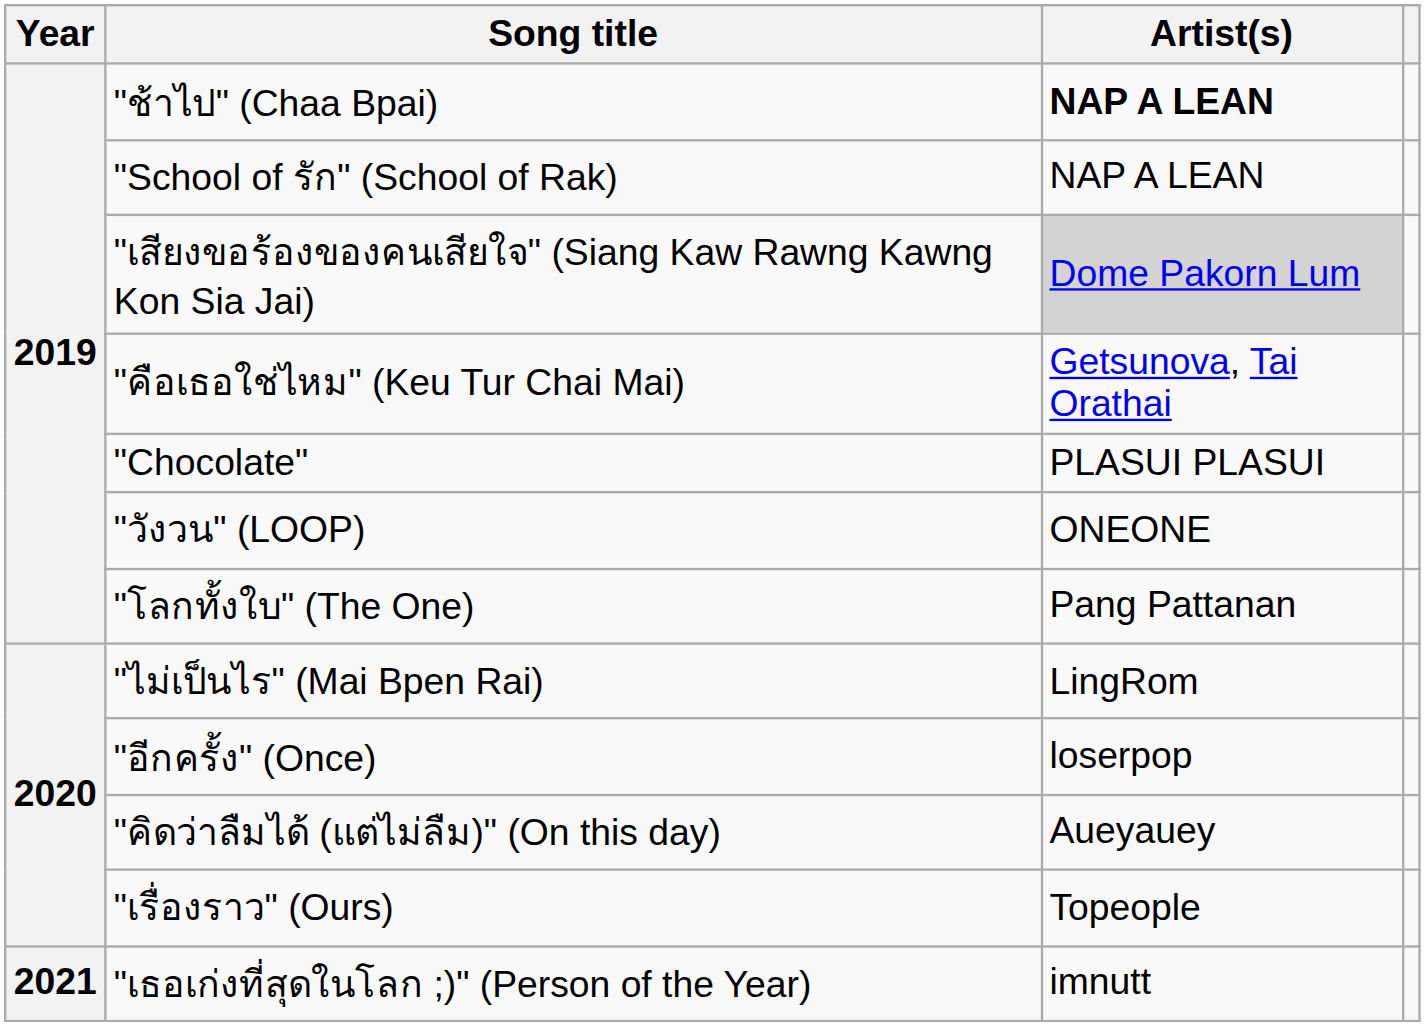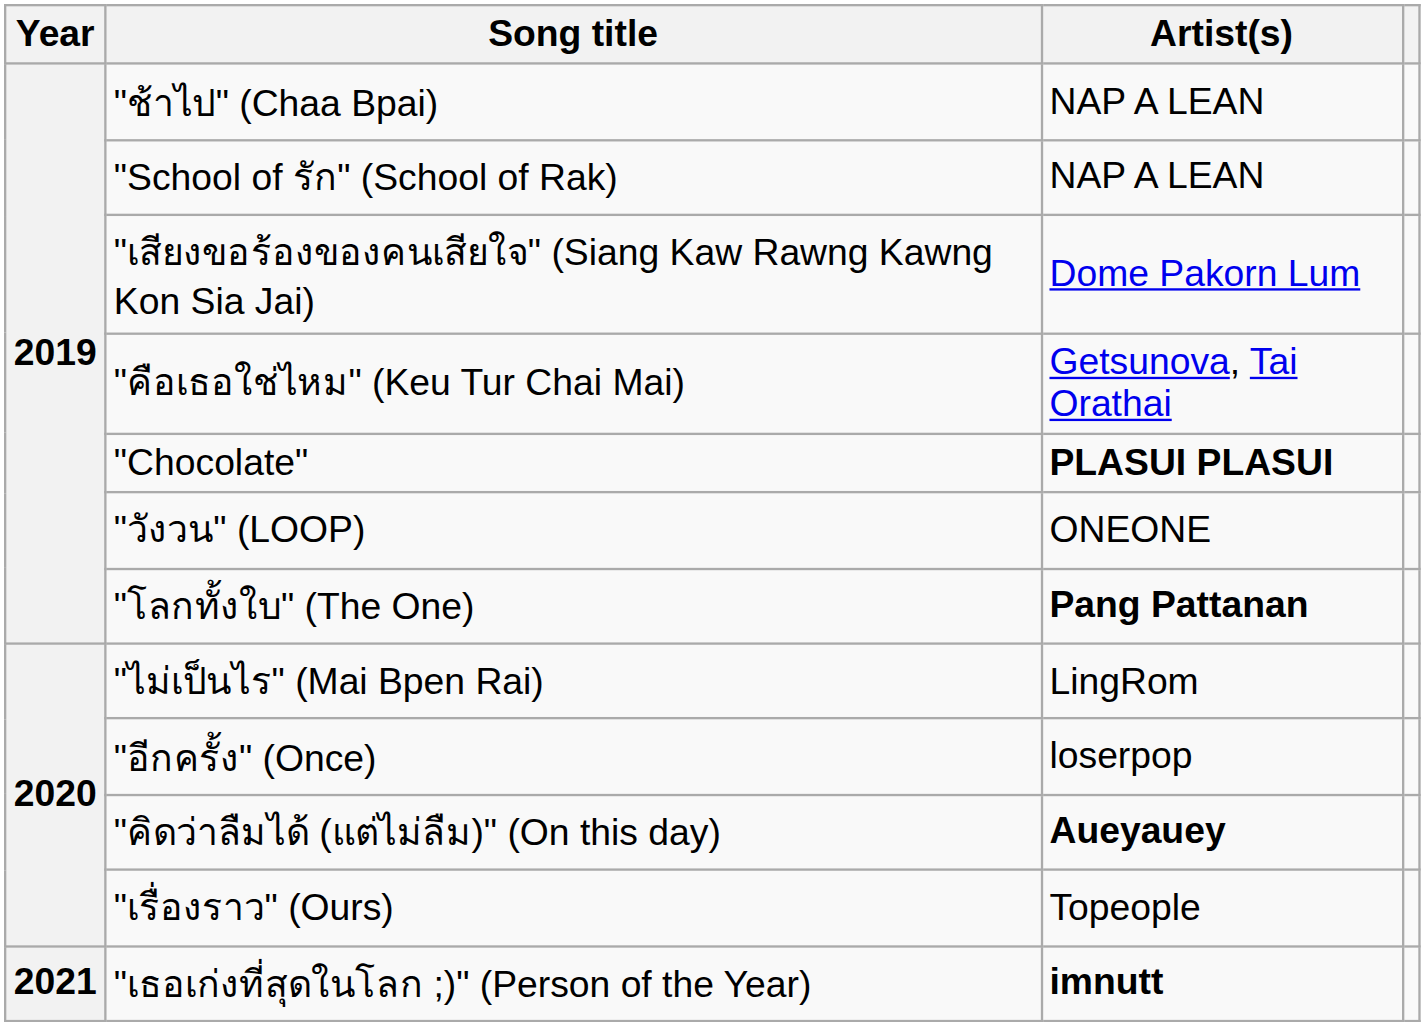 <table class="wikitable sortable plainrowheaders">
 <tr>
 <th scope="col">Year</th>
 <th scope="col">Song title</th>
 <th scope="col">Artist(s)</th>
 <th scope="col" class="unsortable"></th>
 </tr>
 <tr>
 <th scope="row" rowspan="7">2019</th>
 <td>"ช้าไป" (Chaa Bpai)</td>
-<td><strong>NAP A LEAN</strong></td>
+<td>NAP A LEAN</td>
 <td style="text-align: center;"></td>
 </tr>
 <tr>
 <td>"School of รัก" (School of Rak)</td>
 <td>NAP A LEAN</td>
 <td style="text-align: center;"></td>
 </tr>
 <tr>
 <td>"เสียงขอร้องของคนเสียใจ" (Siang Kaw Rawng Kawng Kon Sia Jai)</td>
-<td style="background: lightgrey;"><a href='#'>Dome Pakorn Lum</a></td>
+<td><a href='#'>Dome Pakorn Lum</a></td>
 <td style="text-align: center;"></td>
 </tr>
 <tr>
 <td>"คือเธอใช่ไหม" (Keu Tur Chai Mai)</td>
 <td><a href='#'>Getsunova</a>, <a href='#'>Tai Orathai</a></td>
 <td style="text-align: center;"></td>
 </tr>
 <tr>
 <td>"Chocolate"</td>
-<td>PLASUI PLASUI</td>
+<td><strong>PLASUI PLASUI</strong></td>
 <td style="text-align: center;"></td>
 </tr>
 <tr>
 <td>"วังวน" (LOOP)</td>
 <td>ONEONE</td>
 <td style="text-align: center;"></td>
 </tr>
 <tr>
 <td>"โลกทั้งใบ" (The One)</td>
-<td>Pang Pattanan</td>
+<td><strong>Pang Pattanan</strong></td>
 <td style="text-align: center;"></td>
 </tr>
 <tr>
 <th scope="row" rowspan="4">2020</th>
 <td>"ไม่เป็นไร" (Mai Bpen Rai)</td>
 <td>LingRom</td>
 <td style="text-align: center;"></td>
 </tr>
 <tr>
 <td>"อีกครั้ง" (Once)</td>
 <td>loserpop</td>
 <td style="text-align: center;"></td>
 </tr>
 <tr>
 <td>"คิดว่าลืมได้ (แต่ไม่ลืม)" (On this day)</td>
-<td>Aueyauey</td>
+<td><strong>Aueyauey</strong></td>
 <td style="text-align: center;"></td>
 </tr>
 <tr>
 <td>"เรื่องราว" (Ours)</td>
 <td>Topeople</td>
 <td style="text-align: center;"></td>
 </tr>
 <tr>
 <th scope="row" rowspan="1">2021</th>
 <td>"เธอเก่งที่สุดในโลก ;)" (Person of the Year)</td>
-<td>imnutt</td>
+<td><strong>imnutt</strong></td>
 <td style="text-align: center;"></td>
 </tr>
 </table>
